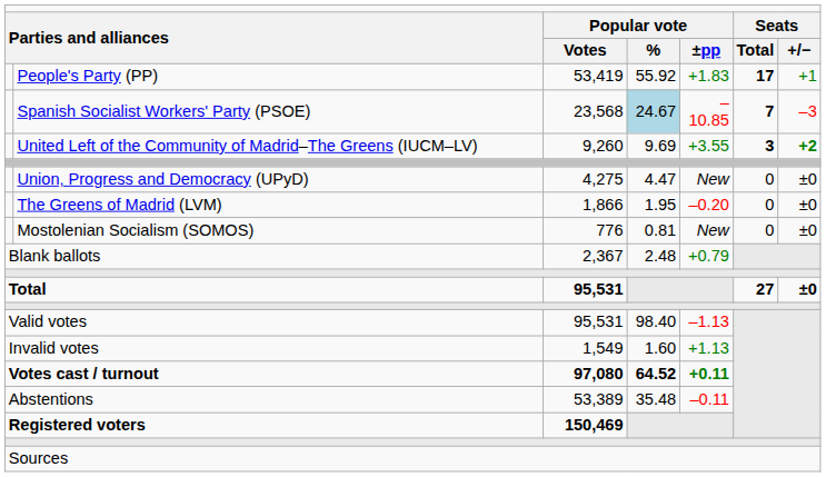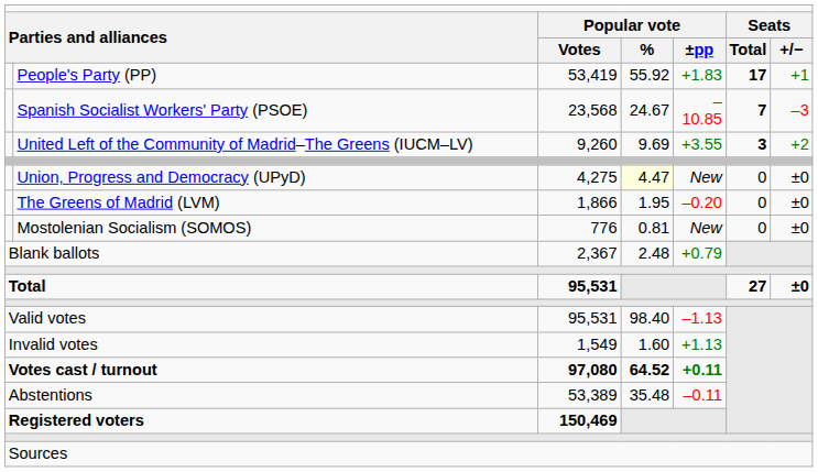 <table class="wikitable" style="text-align:right;">
 <tr>
 <td colspan="7"></td>
 </tr>
 <tr>
 <th style="text-align:left;" rowspan="2" colspan="2" width="525">Parties and alliances</th>
 <th colspan="3">Popular vote</th>
 <th colspan="2">Seats</th>
 </tr>
 <tr>
 <th width="75">Votes</th>
 <th width="45">%</th>
 <th width="45">±<a href='#'>pp</a></th>
 <th width="35">Total</th>
 <th width="35">+/−</th>
 </tr>
 <tr>
 <td width="1" style="color:inherit;background:"></td>
 <td align="left"><a href='#'>People's Party</a> (PP)</td>
 <td>53,419</td>
 <td>55.92</td>
 <td style="color:green;">+1.83</td>
 <td><strong>17</strong></td>
 <td style="color:green;">+1</td>
 </tr>
 <tr>
 <td style="color:inherit;background:"></td>
 <td align="left"><a href='#'>Spanish Socialist Workers' Party</a> (PSOE)</td>
 <td>23,568</td>
-<td style="background: lightblue;">24.67</td>
+<td>24.67</td>
 <td style="color:red;">–10.85</td>
 <td><strong>7</strong></td>
 <td style="color:red;">–3</td>
 </tr>
 <tr>
 <td style="color:inherit;background:"></td>
 <td align="left"><a href='#'>United Left of the Community of Madrid</a>–<a href='#'>The Greens</a> (IUCM–LV)</td>
 <td>9,260</td>
 <td>9.69</td>
 <td style="color:green;">+3.55</td>
 <td><strong>3</strong></td>
-<td style="color:green;"><strong>+2</strong></td>
+<td style="color:green;">+2</td>
 </tr>
 <tr>
 <td colspan="7" bgcolor="#C0C0C0"></td>
 </tr>
 <tr>
 <td style="color:inherit;background:"></td>
 <td align="left"><a href='#'>Union, Progress and Democracy</a> (UPyD)</td>
 <td>4,275</td>
-<td>4.47</td>
+<td style="background: lightyellow;">4.47</td>
 <td><em>New</em></td>
 <td>0</td>
 <td>±0</td>
 </tr>
 <tr>
 <td style="color:inherit;background:"></td>
 <td align="left"><a href='#'>The Greens of Madrid</a> (LVM)</td>
 <td>1,866</td>
 <td>1.95</td>
 <td style="color:red;">–0.20</td>
 <td>0</td>
 <td>±0</td>
 </tr>
 <tr>
 <td style="color:inherit;background:"></td>
 <td align="left">Mostolenian Socialism (SOMOS)</td>
 <td>776</td>
 <td>0.81</td>
 <td><em>New</em></td>
 <td>0</td>
 <td>±0</td>
 </tr>
 <tr>
 <td align="left" colspan="2">Blank ballots</td>
 <td>2,367</td>
 <td>2.48</td>
 <td style="color:green;">+0.79</td>
 <td bgcolor="#E9E9E9" colspan="2"></td>
 </tr>
 <tr>
 <td colspan="7" bgcolor="#E9E9E9"></td>
 </tr>
 <tr style="font-weight:bold;">
 <td align="left" colspan="2">Total</td>
 <td>95,531</td>
 <td bgcolor="#E9E9E9" colspan="2"></td>
 <td>27</td>
 <td>±0</td>
 </tr>
 <tr>
 <td colspan="7" bgcolor="#E9E9E9"></td>
 </tr>
 <tr>
 <td align="left" colspan="2">Valid votes</td>
 <td>95,531</td>
 <td>98.40</td>
 <td style="color:red;">–1.13</td>
 <td bgcolor="#E9E9E9" colspan="2" rowspan="5"></td>
 </tr>
 <tr>
 <td align="left" colspan="2">Invalid votes</td>
 <td>1,549</td>
 <td>1.60</td>
 <td style="color:green;">+1.13</td>
 </tr>
 <tr style="font-weight:bold;">
 <td align="left" colspan="2">Votes cast / turnout</td>
 <td>97,080</td>
 <td>64.52</td>
 <td style="color:green;">+0.11</td>
 </tr>
 <tr>
 <td align="left" colspan="2">Abstentions</td>
 <td>53,389</td>
 <td>35.48</td>
 <td style="color:red;">–0.11</td>
 </tr>
 <tr style="font-weight:bold;">
 <td align="left" colspan="2">Registered voters</td>
 <td>150,469</td>
 <td bgcolor="#E9E9E9" colspan="2"></td>
 </tr>
 <tr>
 <td colspan="7" bgcolor="#E9E9E9"></td>
 </tr>
 <tr>
 <td align="left" colspan="7">Sources</td>
 </tr>
 </table>
